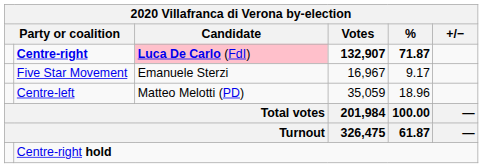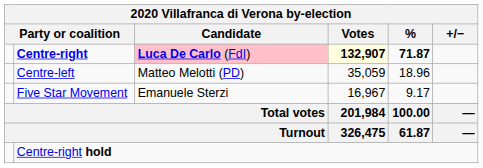 <table class = "wikitable" style="font-size:99%;">
 <tr>
 <td colspan=6 style = "background-color:#F2F2F2; text-align:center;"><strong>2020 Villafranca di Verona by-election</strong></td>
 </tr>
 <tr>
 <th style = "width: 160px;" colspan=2>Party or coalition</th>
 <th style = "width: 240px;">Candidate</th>
 <th style = "width: 70px;">Votes</th>
 <th style = "width: 50px;">%</th>
 <th style = "width: 50px;">+/−</th>
 </tr>
 <tr>
 <td style="width: 5px;background-color:"></td>
 <td><strong><a href='#'>Centre-right</a></strong></td>
 <td style="background: pink;"><strong><a href='#'>Luca De Carlo</a></strong> (<a href='#'>FdI</a>)</td>
-<td style = "text-align:right;"><strong>132,907</strong></td>
+<td style = "background: lightyellow; text-align:right;"><strong>132,907</strong></td>
 <td style = "text-align:right;"><strong>71.87</strong></td>
 <td style = "text-align:right;"></td>
+</tr>
+<tr>
+<td style="width: 5px;background-color:"></td>
+<td><a href='#'>Centre-left</a></td>
+<td>Matteo Melotti (<a href='#'>PD</a>)</td>
+<td style="text-align:right;">35,059</td>
+<td style="text-align:right;">18.96</td>
+<td style="text-align:right;"></td>
 </tr>
 <tr>
 <td style="background-color:"></td>
 <td><a href='#'>Five Star Movement</a></td>
 <td>Emanuele Sterzi</td>
 <td style="text-align:right;">16,967</td>
 <td style="text-align:right;">9.17</td>
-<td style="text-align:right;"></td>
-</tr>
-<tr>
-<td style="width: 5px;background-color:"></td>
-<td><a href='#'>Centre-left</a></td>
-<td>Matteo Melotti (<a href='#'>PD</a>)</td>
-<td style="text-align:right;">35,059</td>
-<td style="text-align:right;">18.96</td>
 <td style="text-align:right;"></td>
 </tr>
 <tr>
 <td colspan=3 style = "background-color:#F2F2F2; text-align:right;"><strong>Total votes</strong></td>
 <td style = "background-color:#F2F2F2; text-align:right;"><strong>201,984</strong></td>
 <td style = "background-color:#F2F2F2; text-align:right;"><strong>100.00</strong></td>
 <td style = "background-color:#F2F2F2; text-align:right;"><strong>—</strong></td>
 </tr>
 <tr>
 <td colspan=3 style = "background-color:#F2F2F2; text-align:right;"><strong>Turnout</strong></td>
 <td style = "background-color:#F2F2F2; text-align:right;"><strong>326,475</strong></td>
 <td style = "background-color:#F2F2F2; text-align:right;"><strong>61.87</strong></td>
 <td style = "background-color:#F2F2F2; text-align:right;"><strong>—</strong></td>
 </tr>
 <tr>
 <td style="background-color:"></td>
 <td colspan=5 style = "text-align:left;"><a href='#'>Centre-right</a> <strong>hold</strong></td>
 </tr>
 </table>
